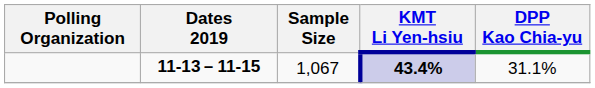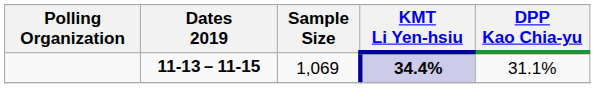 <table class="wikitable collapsible" style="text-align:center;">
 <tr>
 <th width=120px>Polling Organization</th>
 <th width=120px>Dates<br>2019</th>
 <th width=70px>Sample Size</th>
 <th style="width:100px; border-bottom:4px solid #000099;"><a href='#'>KMT</a><br><a href='#'>Li Yen-hsiu</a></th>
 <th style="width:100px; border-bottom:4px solid #1B9431;"><a href='#'>DPP</a><br><a href='#'>Kao Chia-yu</a></th>
 </tr>
 <tr>
 <td></td>
 <td><strong>11-13－11-15</strong></td>
-<td>1,067</td>
-<td style="border-left:4px solid #000099;" bgcolor="#ccccea"><strong>43.4%</strong></td>
+<td>1,069</td>
+<td style="border-left:4px solid #000099;" bgcolor="#ccccea"><strong>34.4%</strong></td>
 <td>31.1%</td>
 </tr>
 <tr>
 </tr>
 </table>
